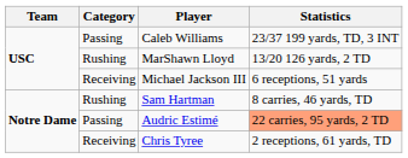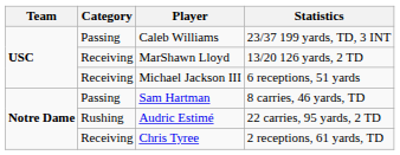 <table class="wikitable" style="float: right;">
 <tr>
 <th>Team</th>
 <th>Category</th>
 <th>Player</th>
 <th>Statistics</th>
 </tr>
 <tr>
 <td rowspan=3><strong>USC</strong></td>
 <td>Passing</td>
 <td>Caleb Williams</td>
 <td>23/37 199 yards, TD, 3 INT</td>
 </tr>
 <tr>
-<td>Rushing</td>
+<td>Receiving</td>
 <td>MarShawn Lloyd</td>
 <td>13/20 126 yards, 2 TD</td>
 </tr>
 <tr>
 <td>Receiving</td>
 <td>Michael Jackson III</td>
 <td>6 receptions, 51 yards</td>
 </tr>
 <tr>
 <td rowspan=3><strong>Notre Dame</strong></td>
-<td>Rushing</td>
+<td>Passing</td>
 <td><a href='#'>Sam Hartman</a></td>
 <td>8 carries, 46 yards, TD</td>
 </tr>
 <tr>
-<td>Passing</td>
+<td>Rushing</td>
 <td><a href='#'>Audric Estimé</a></td>
-<td style="background: lightsalmon;">22 carries, 95 yards, 2 TD</td>
+<td>22 carries, 95 yards, 2 TD</td>
 </tr>
 <tr>
 <td>Receiving</td>
 <td><a href='#'>Chris Tyree</a></td>
 <td>2 receptions, 61 yards, TD</td>
 </tr>
 </table>
